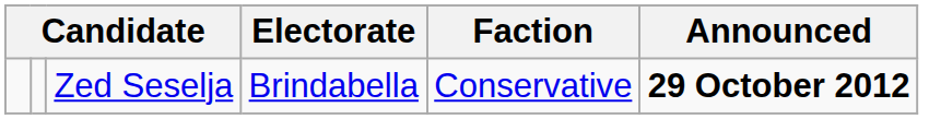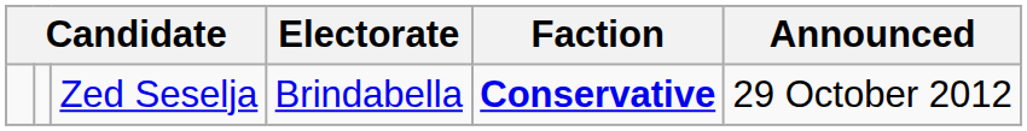 <table class="wikitable" style="text-align:center">
 <tr>
 <th colspan=3>Candidate</th>
 <th>Electorate</th>
 <th>Faction</th>
 <th>Announced</th>
 </tr>
 <tr>
 <td width="3pt" > </td>
 <td></td>
 <td><a href='#'>Zed Seselja</a></td>
 <td><a href='#'>Brindabella</a></td>
-<td><a href='#'>Conservative</a></td>
-<td><strong>29 October 2012</strong></td>
+<td><strong><a href='#'>Conservative</a></strong></td>
+<td>29 October 2012</td>
 </tr>
 </table>
